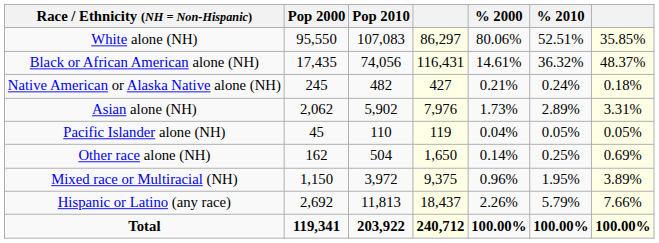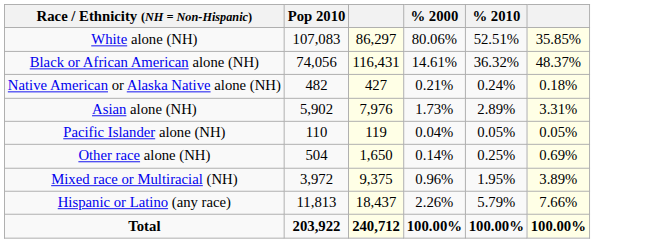 <table class="wikitable" style="text-align:center;">
 <tr>
 <th>Race / Ethnicity <small>(<em>NH = Non-Hispanic</em>)</small></th>
-<th>Pop 2000</th>
 <th>Pop 2010</th>
 <th></th>
 <th>% 2000</th>
 <th>% 2010</th>
 <th></th>
 </tr>
 <tr>
 <td><a href='#'>White</a> alone (NH)</td>
-<td>95,550</td>
 <td>107,083</td>
 <td style='background: #ffffe6;'>86,297</td>
 <td>80.06%</td>
 <td>52.51%</td>
 <td style='background: #ffffe6;'>35.85%</td>
 </tr>
 <tr>
 <td><a href='#'>Black or African American</a> alone (NH)</td>
-<td>17,435</td>
 <td>74,056</td>
 <td style='background: #ffffe6;'>116,431</td>
 <td>14.61%</td>
 <td>36.32%</td>
 <td style='background: #ffffe6;'>48.37%</td>
 </tr>
 <tr>
 <td><a href='#'>Native American</a> or <a href='#'>Alaska Native</a> alone (NH)</td>
-<td>245</td>
 <td>482</td>
 <td style='background: #ffffe6;'>427</td>
 <td>0.21%</td>
 <td>0.24%</td>
 <td style='background: #ffffe6;'>0.18%</td>
 </tr>
 <tr>
 <td><a href='#'>Asian</a> alone (NH)</td>
-<td>2,062</td>
 <td>5,902</td>
 <td style='background: #ffffe6;'>7,976</td>
 <td>1.73%</td>
 <td>2.89%</td>
 <td style='background: #ffffe6;'>3.31%</td>
 </tr>
 <tr>
 <td><a href='#'>Pacific Islander</a> alone (NH)</td>
-<td>45</td>
 <td>110</td>
 <td style='background: #ffffe6;'>119</td>
 <td>0.04%</td>
 <td>0.05%</td>
 <td style='background: #ffffe6;'>0.05%</td>
 </tr>
 <tr>
 <td><a href='#'>Other race</a> alone (NH)</td>
-<td>162</td>
 <td>504</td>
 <td style='background: #ffffe6;'>1,650</td>
 <td>0.14%</td>
 <td>0.25%</td>
 <td style='background: #ffffe6;'>0.69%</td>
 </tr>
 <tr>
 <td><a href='#'>Mixed race or Multiracial</a> (NH)</td>
-<td>1,150</td>
 <td>3,972</td>
 <td style='background: #ffffe6;'>9,375</td>
 <td>0.96%</td>
 <td>1.95%</td>
 <td style='background: #ffffe6;'>3.89%</td>
 </tr>
 <tr>
 <td><a href='#'>Hispanic or Latino</a> (any race)</td>
-<td>2,692</td>
 <td>11,813</td>
 <td style='background: #ffffe6;'>18,437</td>
 <td>2.26%</td>
 <td>5.79%</td>
 <td style='background: #ffffe6;'>7.66%</td>
 </tr>
 <tr>
 <td><strong>Total</strong></td>
-<td><strong>119,341</strong></td>
 <td><strong>203,922</strong></td>
 <td style='background: #ffffe6;'><strong>240,712</strong></td>
 <td><strong>100.00%</strong></td>
 <td><strong>100.00%</strong></td>
 <td style='background: #ffffe6;'><strong>100.00%</strong></td>
 </tr>
 </table>
